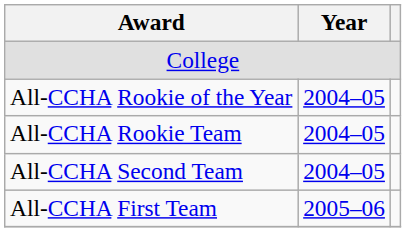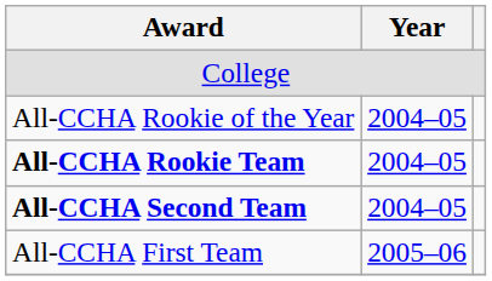 <table class="wikitable">
 <tr>
 <th>Award</th>
 <th>Year</th>
 <th></th>
 </tr>
 <tr ALIGN="center" bgcolor="#e0e0e0">
 <td colspan="3"><a href='#'>College</a></td>
 </tr>
 <tr>
 <td>All-<a href='#'>CCHA</a> <a href='#'>Rookie of the Year</a></td>
 <td><a href='#'>2004–05</a></td>
 <td></td>
 </tr>
 <tr>
-<td>All-<a href='#'>CCHA</a> <a href='#'>Rookie Team</a></td>
+<td><strong>All-<a href='#'>CCHA</a> <a href='#'>Rookie Team</a></strong></td>
 <td><a href='#'>2004–05</a></td>
 <td></td>
 </tr>
 <tr>
-<td>All-<a href='#'>CCHA</a> <a href='#'>Second Team</a></td>
+<td><strong>All-<a href='#'>CCHA</a> <a href='#'>Second Team</a></strong></td>
 <td><a href='#'>2004–05</a></td>
 <td></td>
 </tr>
 <tr>
 <td>All-<a href='#'>CCHA</a> <a href='#'>First Team</a></td>
 <td><a href='#'>2005–06</a></td>
 <td></td>
 </tr>
 <tr>
 </tr>
 </table>
